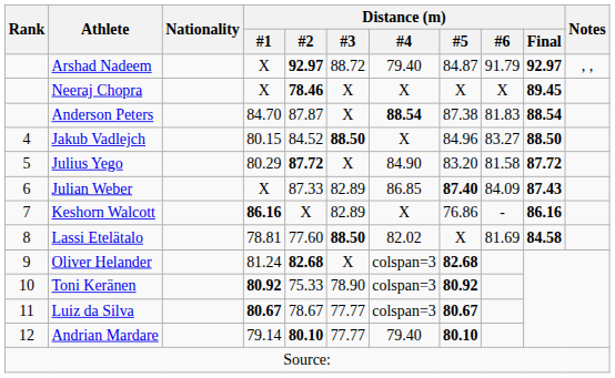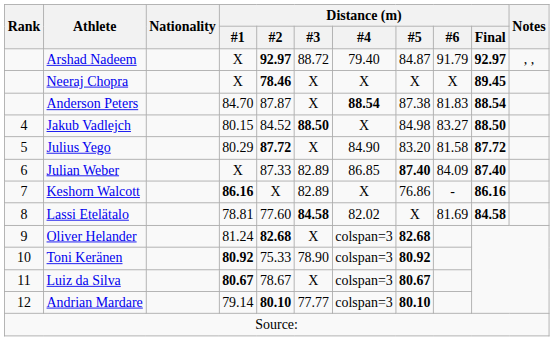 <table class="wikitable sortable" style="text-align:center">
 <tr>
 <th rowspan="2">Rank</th>
 <th rowspan="2">Athlete</th>
 <th rowspan="2">Nationality</th>
 <th colspan="7">Distance (m)</th>
 <th rowspan="2">Notes</th>
 </tr>
 <tr>
 <th>#1</th>
 <th>#2</th>
 <th>#3</th>
 <th>#4</th>
 <th>#5</th>
 <th>#6</th>
 <th>Final</th>
 </tr>
 <tr>
 <td></td>
 <td align="left"><a href='#'>Arshad Nadeem</a></td>
 <td align="left"></td>
 <td data-sort-value=1.00>X</td>
 <td><strong>92.97</strong></td>
 <td>88.72</td>
 <td>79.40</td>
 <td>84.87</td>
 <td>91.79</td>
 <td><strong>92.97</strong></td>
 <td><strong></strong>, <strong></strong>, </td>
 </tr>
 <tr>
 <td></td>
 <td align="left"><a href='#'>Neeraj Chopra</a></td>
 <td align="left"></td>
 <td data-sort-value=1.00>X</td>
 <td><strong>78.46</strong></td>
 <td data-sort-value=1.00>X</td>
 <td data-sort-value=1.00>X</td>
 <td data-sort-value=1.00>X</td>
 <td>X</td>
 <td><strong>89.45</strong></td>
 <td></td>
 </tr>
 <tr>
 <td></td>
 <td align="left"><a href='#'>Anderson Peters</a></td>
 <td align="left"></td>
 <td>84.70</td>
 <td>87.87</td>
 <td data-sort-value=1.00>X</td>
 <td><strong>88.54</strong></td>
 <td>87.38</td>
 <td>81.83</td>
 <td><strong>88.54</strong></td>
 <td></td>
 </tr>
 <tr>
 <td>4</td>
 <td align="left"><a href='#'>Jakub Vadlejch</a></td>
 <td align="left"></td>
 <td>80.15</td>
 <td>84.52</td>
 <td><strong>88.50</strong></td>
 <td data-sort-value=1.00>X</td>
-<td>84.96</td>
+<td>84.98</td>
 <td>83.27</td>
 <td><strong>88.50</strong></td>
 <td></td>
 </tr>
 <tr>
 <td>5</td>
 <td align="left"><a href='#'>Julius Yego</a></td>
 <td align="left"></td>
 <td>80.29</td>
 <td><strong>87.72</strong></td>
 <td data-sort-value=1.00>X</td>
 <td>84.90</td>
 <td>83.20</td>
 <td>81.58</td>
 <td><strong>87.72</strong></td>
 <td></td>
 </tr>
 <tr>
 <td>6</td>
 <td align="left"><a href='#'>Julian Weber</a></td>
 <td align="left"></td>
 <td data-sort-value=1.00>X</td>
 <td>87.33</td>
 <td>82.89</td>
 <td>86.85</td>
 <td><strong>87.40</strong></td>
 <td>84.09</td>
-<td><strong>87.43</strong></td>
+<td><strong>87.40</strong></td>
 <td></td>
 </tr>
 <tr>
 <td>7</td>
 <td align="left"><a href='#'>Keshorn Walcott</a></td>
 <td align="left"></td>
 <td><strong>86.16</strong></td>
 <td data-sort-value=1.00>X</td>
 <td>82.89</td>
 <td data-sort-value=1.00>X</td>
 <td>76.86</td>
 <td>-</td>
 <td><strong>86.16</strong></td>
 <td></td>
 </tr>
 <tr>
 <td>8</td>
 <td align="left"><a href='#'>Lassi Etelätalo</a></td>
 <td align="left"></td>
 <td>78.81</td>
 <td>77.60</td>
-<td><strong>88.50</strong></td>
+<td><strong>84.58</strong></td>
 <td>82.02</td>
 <td data-sort-value=1.00>X</td>
 <td>81.69</td>
 <td><strong>84.58</strong></td>
 <td></td>
 </tr>
 <tr>
 <td>9</td>
 <td align="left"><a href='#'>Oliver Helander</a></td>
 <td align="left"></td>
 <td>81.24</td>
 <td><strong>82.68</strong></td>
 <td data-sort-value=1.00>X</td>
 <td>colspan=3 </td>
 <td><strong>82.68</strong></td>
 <td></td>
 </tr>
 <tr>
 <td>10</td>
 <td align="left"><a href='#'>Toni Keränen</a></td>
 <td align="left"></td>
 <td><strong>80.92</strong></td>
 <td>75.33</td>
 <td>78.90</td>
 <td>colspan=3 </td>
 <td><strong>80.92</strong></td>
 <td></td>
 </tr>
 <tr>
 <td>11</td>
 <td align="left"><a href='#'>Luiz da Silva</a></td>
 <td align="left"></td>
 <td><strong>80.67</strong></td>
 <td>78.67</td>
-<td>77.77</td>
+<td data-sort-value=1.00>X</td>
 <td>colspan=3 </td>
 <td><strong>80.67</strong></td>
 <td></td>
 </tr>
 <tr>
 <td>12</td>
 <td align="left"><a href='#'>Andrian Mardare</a></td>
 <td align="left"></td>
 <td>79.14</td>
 <td><strong>80.10</strong></td>
 <td>77.77</td>
-<td>79.40</td>
+<td>colspan=3 </td>
 <td><strong>80.10</strong></td>
 <td></td>
 </tr>
 <tr>
 <td colspan="11">Source:</td>
 </tr>
 </table>
